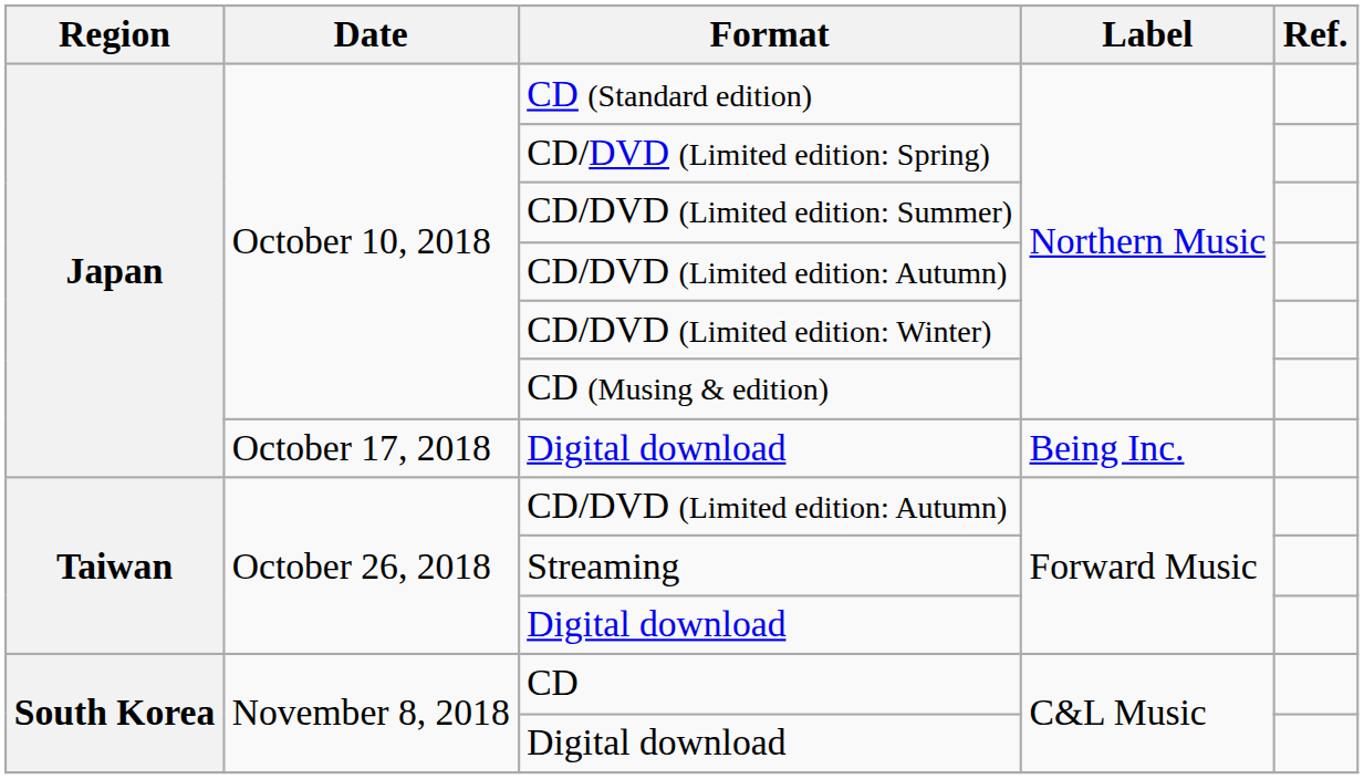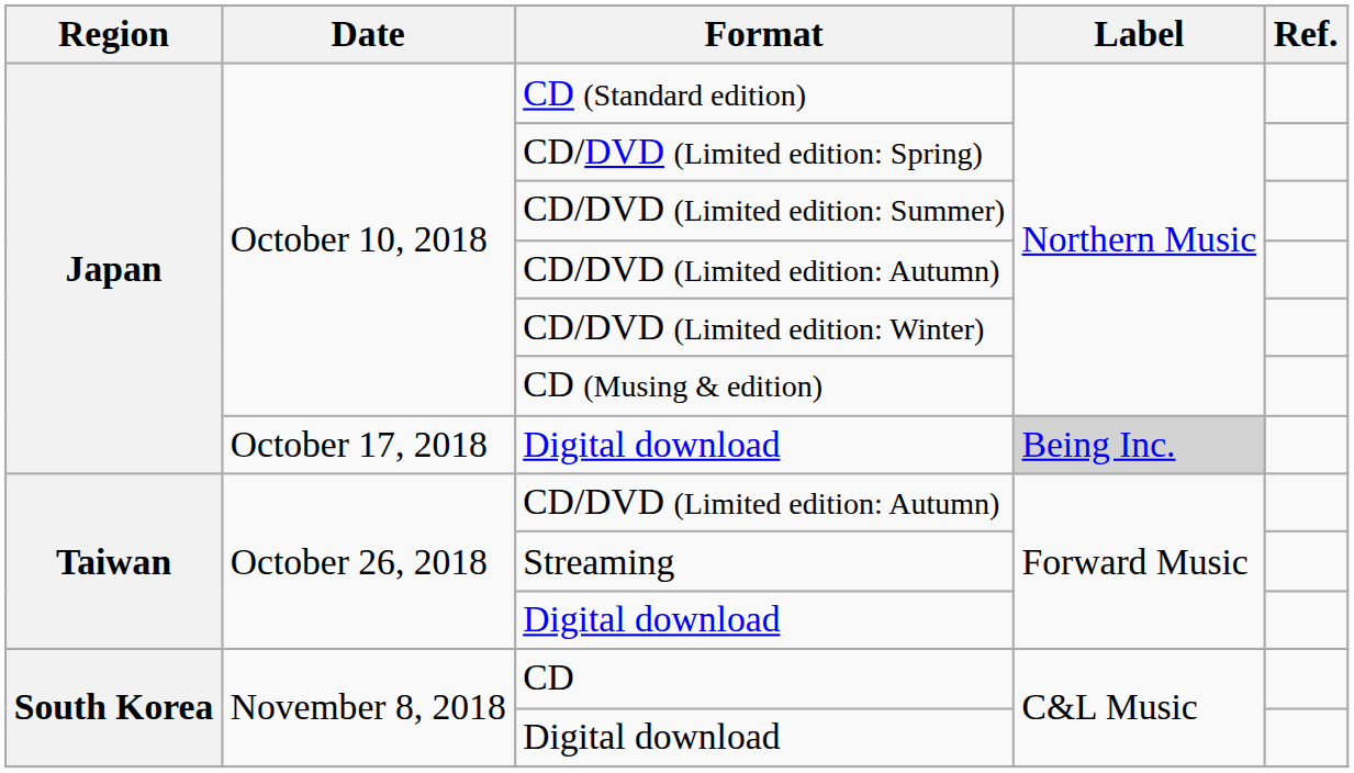 <table class="wikitable sortable plainrowheaders">
 <tr>
 <th scope="col">Region</th>
 <th scope="col">Date</th>
 <th scope="col">Format</th>
 <th scope="col">Label</th>
 <th scope="col">Ref.</th>
 </tr>
 <tr>
 <th rowspan="7">Japan</th>
 <td rowspan="6">October 10, 2018</td>
 <td><a href='#'>CD</a> <small>(Standard edition)</small></td>
 <td rowspan="6"><a href='#'>Northern Music</a></td>
 <td></td>
 </tr>
 <tr>
 <td>CD/<a href='#'>DVD</a> <small>(Limited edition: Spring)</small></td>
 <td></td>
 </tr>
 <tr>
 <td>CD/DVD <small>(Limited edition: Summer)</small></td>
 <td></td>
 </tr>
 <tr>
 <td>CD/DVD <small>(Limited edition: Autumn)</small></td>
 <td></td>
 </tr>
 <tr>
 <td>CD/DVD <small>(Limited edition: Winter)</small></td>
 <td></td>
 </tr>
 <tr>
 <td>CD <small>(Musing &  edition)</small></td>
 <td></td>
 </tr>
 <tr>
 <td>October 17, 2018</td>
 <td><a href='#'>Digital download</a></td>
-<td><a href='#'>Being Inc.</a></td>
+<td style="background: lightgrey;"><a href='#'>Being Inc.</a></td>
 <td></td>
 </tr>
 <tr>
 <th rowspan="3">Taiwan</th>
 <td rowspan="3">October 26, 2018</td>
 <td>CD/DVD <small>(Limited edition: Autumn)</small></td>
 <td rowspan="3">Forward Music</td>
 <td></td>
 </tr>
 <tr>
 <td>Streaming</td>
 <td></td>
 </tr>
 <tr>
 <td><a href='#'>Digital download</a></td>
 <td></td>
 </tr>
 <tr>
 <th rowspan="2">South Korea</th>
 <td rowspan="2">November 8, 2018</td>
 <td>CD</td>
 <td rowspan="2">C&L Music</td>
 <td></td>
 </tr>
 <tr>
 <td>Digital download</td>
 <td></td>
 </tr>
 <tr>
 </tr>
 </table>
